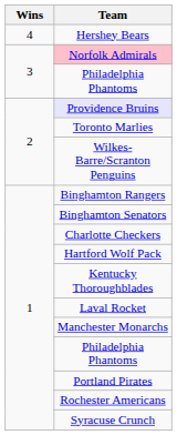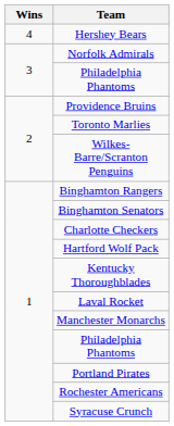 <table class="wikitable" style="text-align:center; margin-left:1em; float:right">
 <tr>
 <th width="55">Wins</th>
 <th align="center" width="145">Team</th>
 </tr>
 <tr>
 <td>4</td>
 <td><a href='#'>Hershey Bears</a></td>
 </tr>
 <tr>
 <td rowspan=2>3</td>
-<td style="background: pink;"><a href='#'>Norfolk Admirals</a></td>
+<td><a href='#'>Norfolk Admirals</a></td>
 </tr>
 <tr>
 <td><a href='#'>Philadelphia Phantoms</a></td>
 </tr>
 <tr>
 <td rowspan=3>2</td>
-<td style="background: lavender;"><a href='#'>Providence Bruins</a></td>
+<td><a href='#'>Providence Bruins</a></td>
 </tr>
 <tr>
 <td><a href='#'>Toronto Marlies</a></td>
 </tr>
 <tr>
 <td><a href='#'>Wilkes-Barre/Scranton Penguins</a></td>
 </tr>
 <tr>
 <td rowspan=11>1</td>
 <td><a href='#'>Binghamton Rangers</a></td>
 </tr>
 <tr>
 <td><a href='#'>Binghamton Senators</a></td>
 </tr>
 <tr>
 <td><a href='#'>Charlotte Checkers</a></td>
 </tr>
 <tr>
 <td><a href='#'>Hartford Wolf Pack</a></td>
 </tr>
 <tr>
 <td><a href='#'>Kentucky Thoroughblades</a></td>
 </tr>
 <tr>
 <td><a href='#'>Laval Rocket</a></td>
 </tr>
 <tr>
 <td><a href='#'>Manchester Monarchs</a></td>
 </tr>
 <tr>
 <td><a href='#'>Philadelphia Phantoms</a></td>
 </tr>
 <tr>
 <td><a href='#'>Portland Pirates</a></td>
 </tr>
 <tr>
 <td><a href='#'>Rochester Americans</a></td>
 </tr>
 <tr>
 <td><a href='#'>Syracuse Crunch</a></td>
 </tr>
 </table>
